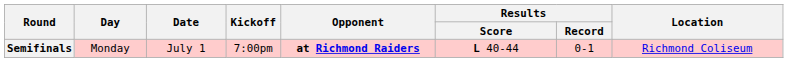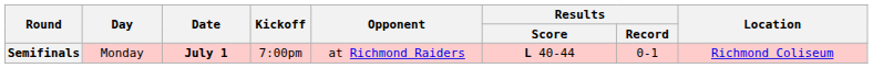 <table class="wikitable">
 <tr>
 <th rowspan="2" width="40">Round</th>
 <th rowspan="2" width="80">Day</th>
 <th rowspan="2" width="90">Date</th>
 <th rowspan="2" width="60">Kickoff</th>
 <th rowspan="2" width="180">Opponent</th>
 <th colspan="2" width="200">Results</th>
 <th rowspan="2" width="200">Location</th>
 </tr>
 <tr>
 <th width="140">Score</th>
 <th width="60">Record</th>
 </tr>
 <tr align="center" bgcolor="#FFCCCC">
 <th>Semifinals</th>
 <td>Monday</td>
-<td>July 1</td>
+<td><strong>July 1</strong></td>
 <td>7:00pm</td>
-<td><strong>at <a href='#'>Richmond Raiders</a></strong></td>
+<td>at <a href='#'>Richmond Raiders</a></td>
 <td><strong>L</strong> 40-44</td>
 <td>0-1</td>
 <td><a href='#'>Richmond Coliseum</a></td>
 </tr>
 </table>
